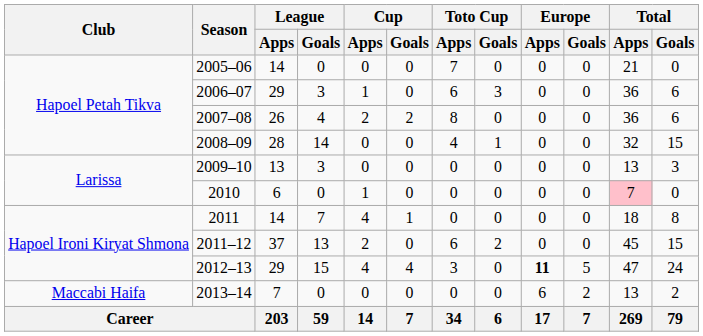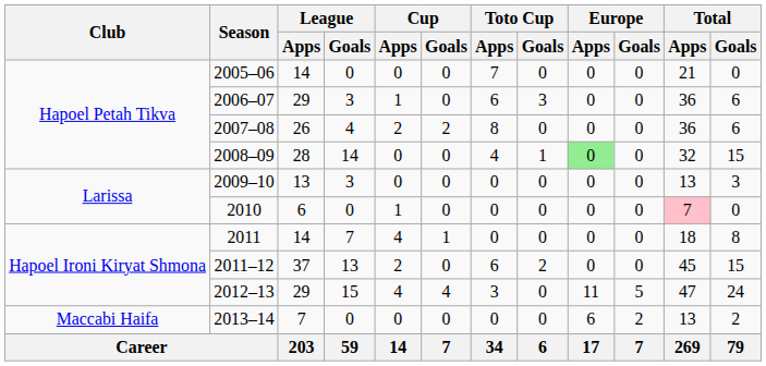 <table class="wikitable" style="text-align:center">
 <tr>
 <th rowspan="2">Club</th>
 <th rowspan="2">Season</th>
 <th colspan="2">League</th>
 <th colspan="2">Cup</th>
 <th colspan="2">Toto Cup</th>
 <th colspan="2">Europe</th>
 <th colspan="2">Total</th>
 </tr>
 <tr>
 <th>Apps</th>
 <th>Goals</th>
 <th>Apps</th>
 <th>Goals</th>
 <th>Apps</th>
 <th>Goals</th>
 <th>Apps</th>
 <th>Goals</th>
 <th>Apps</th>
 <th>Goals</th>
 </tr>
 <tr>
 <td rowspan="4"><a href='#'>Hapoel Petah Tikva</a></td>
 <td>2005–06</td>
 <td>14</td>
 <td>0</td>
 <td>0</td>
 <td>0</td>
 <td>7</td>
 <td>0</td>
 <td>0</td>
 <td>0</td>
 <td>21</td>
 <td>0</td>
 </tr>
 <tr>
 <td>2006–07</td>
 <td>29</td>
 <td>3</td>
 <td>1</td>
 <td>0</td>
 <td>6</td>
 <td>3</td>
 <td>0</td>
 <td>0</td>
 <td>36</td>
 <td>6</td>
 </tr>
 <tr>
 <td>2007–08</td>
 <td>26</td>
 <td>4</td>
 <td>2</td>
 <td>2</td>
 <td>8</td>
 <td>0</td>
 <td>0</td>
 <td>0</td>
 <td>36</td>
 <td>6</td>
 </tr>
 <tr>
 <td>2008–09</td>
 <td>28</td>
 <td>14</td>
 <td>0</td>
 <td>0</td>
 <td>4</td>
 <td>1</td>
-<td>0</td>
+<td style="background: lightgreen;">0</td>
 <td>0</td>
 <td>32</td>
 <td>15</td>
 </tr>
 <tr>
 <td rowspan="2"><a href='#'>Larissa</a></td>
 <td>2009–10</td>
 <td>13</td>
 <td>3</td>
 <td>0</td>
 <td>0</td>
 <td>0</td>
 <td>0</td>
 <td>0</td>
 <td>0</td>
 <td>13</td>
 <td>3</td>
 </tr>
 <tr>
 <td>2010</td>
 <td>6</td>
 <td>0</td>
 <td>1</td>
 <td>0</td>
 <td>0</td>
 <td>0</td>
 <td>0</td>
 <td>0</td>
 <td style="background: pink;">7</td>
 <td>0</td>
 </tr>
 <tr>
 <td rowspan="3"><a href='#'>Hapoel Ironi Kiryat Shmona</a></td>
 <td>2011</td>
 <td>14</td>
 <td>7</td>
 <td>4</td>
 <td>1</td>
 <td>0</td>
 <td>0</td>
 <td>0</td>
 <td>0</td>
 <td>18</td>
 <td>8</td>
 </tr>
 <tr>
 <td>2011–12</td>
 <td>37</td>
 <td>13</td>
 <td>2</td>
 <td>0</td>
 <td>6</td>
 <td>2</td>
 <td>0</td>
 <td>0</td>
 <td>45</td>
 <td>15</td>
 </tr>
 <tr>
 <td>2012–13</td>
 <td>29</td>
 <td>15</td>
 <td>4</td>
 <td>4</td>
 <td>3</td>
 <td>0</td>
-<td><strong>11</strong></td>
+<td>11</td>
 <td>5</td>
 <td>47</td>
 <td>24</td>
 </tr>
 <tr>
 <td><a href='#'>Maccabi Haifa</a></td>
 <td>2013–14</td>
 <td>7</td>
 <td>0</td>
 <td>0</td>
 <td>0</td>
 <td>0</td>
 <td>0</td>
 <td>6</td>
 <td>2</td>
 <td>13</td>
 <td>2</td>
 </tr>
 <tr>
 <th colspan="2">Career</th>
 <th>203</th>
 <th>59</th>
 <th>14</th>
 <th>7</th>
 <th>34</th>
 <th>6</th>
 <th>17</th>
 <th>7</th>
 <th>269</th>
 <th>79</th>
 </tr>
 </table>
